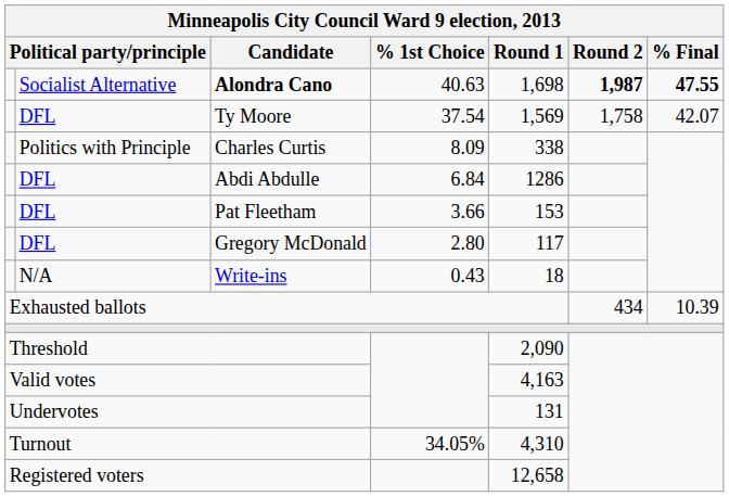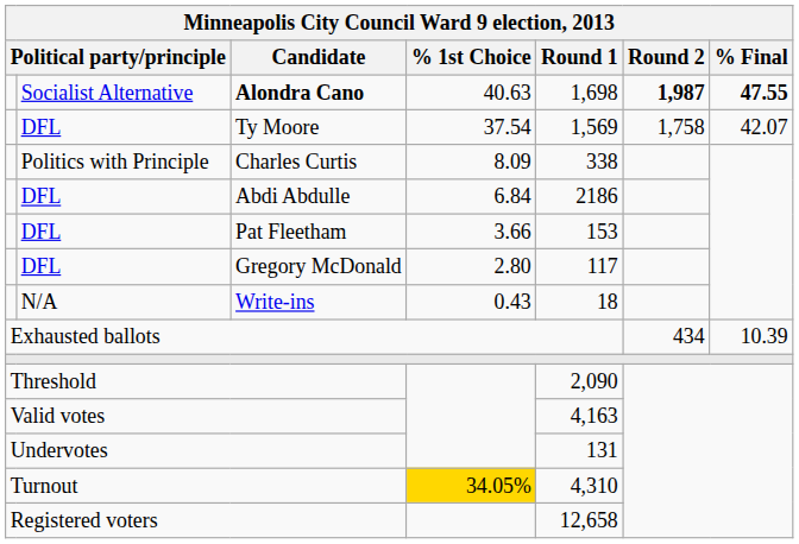 <table class="wikitable" style="font-size:95%">
 <tr>
 <th colspan="7">Minneapolis City Council Ward 9 election, 2013</th>
 </tr>
 <tr>
 <th colspan="2">Political party/principle</th>
 <th>Candidate</th>
 <th>% 1st Choice</th>
 <th>Round 1</th>
 <th>Round 2</th>
 <th>% Final</th>
 </tr>
 <tr>
 <td style="background-color:"></td>
 <td><a href='#'>Socialist Alternative</a></td>
 <td><strong>Alondra Cano</strong></td>
 <td align="right">40.63</td>
 <td align="right">1,698</td>
 <td align="right"><strong>1,987</strong></td>
 <td align="right"><strong>47.55</strong></td>
 </tr>
 <tr>
 <td style="background-color:"></td>
 <td><a href='#'>DFL</a></td>
 <td>Ty Moore</td>
 <td align="right">37.54</td>
 <td align="right">1,569</td>
 <td align="right">1,758</td>
 <td align="right">42.07</td>
 </tr>
 <tr>
 <td style="background-color:"></td>
 <td>Politics with Principle</td>
 <td>Charles Curtis</td>
 <td align="right">8.09</td>
 <td align="right">338</td>
 <td align="right"></td>
 <td rowspan="5"></td>
 </tr>
 <tr>
 <td style="background-color:"></td>
 <td><a href='#'>DFL</a></td>
 <td>Abdi Abdulle</td>
 <td align="right">6.84</td>
-<td align="right">1286</td>
+<td align="right">2186</td>
 <td align="right"></td>
 </tr>
 <tr>
 <td style="background-color:"></td>
 <td><a href='#'>DFL</a></td>
 <td>Pat Fleetham</td>
 <td align="right">3.66</td>
 <td align="right">153</td>
 <td align="right"></td>
 </tr>
 <tr>
 <td style="background-color:"></td>
 <td><a href='#'>DFL</a></td>
 <td>Gregory McDonald</td>
 <td align="right">2.80</td>
 <td align="right">117</td>
 <td align="right"></td>
 </tr>
 <tr>
 <td style="background-color:"></td>
 <td>N/A</td>
 <td><a href='#'>Write-ins</a></td>
 <td align="right">0.43</td>
 <td align="right">18</td>
 <td align="right"></td>
 </tr>
 <tr>
 <td colspan="5">Exhausted ballots</td>
 <td align="right">434</td>
 <td align="right">10.39</td>
 </tr>
 <tr>
 <td colspan="7" style="background: #E9E9E9"></td>
 </tr>
 <tr>
 <td colspan="3">Threshold</td>
 <td rowspan="3"></td>
 <td align="right">2,090</td>
 </tr>
 <tr>
 <td colspan="3">Valid votes</td>
 <td align="right">4,163</td>
 </tr>
 <tr>
 <td colspan="3">Undervotes</td>
 <td align="right">131</td>
 </tr>
 <tr>
 <td colspan="3">Turnout</td>
-<td align="right">34.05%</td>
+<td align="right" style="background: gold;">34.05%</td>
 <td align="right">4,310</td>
 </tr>
 <tr>
 <td colspan="3">Registered voters</td>
 <td></td>
 <td align="right">12,658</td>
 </tr>
 </table>
